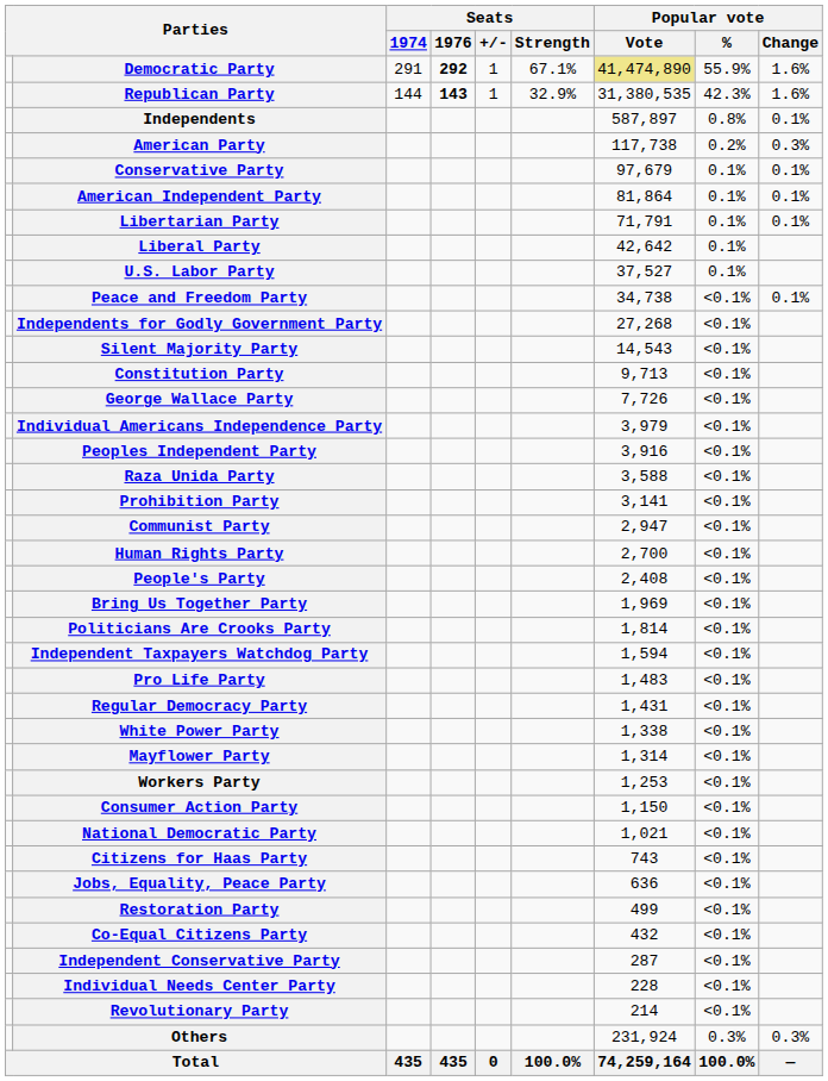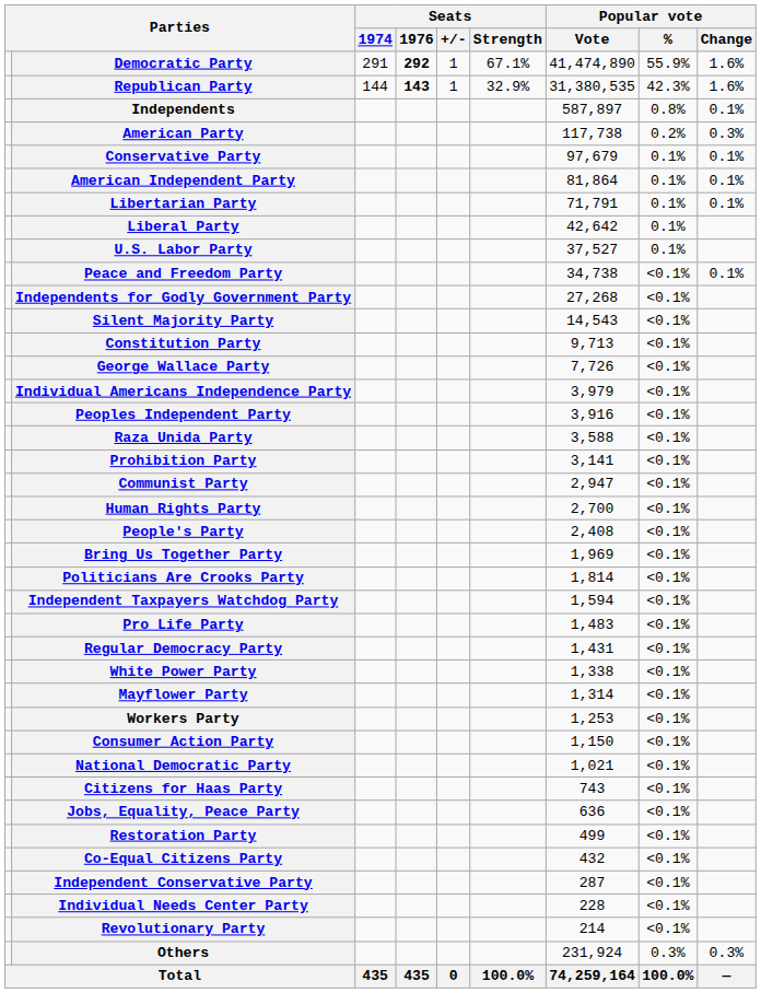 <table class=wikitable style="text-align:center">
 <tr>
 <th rowspan=2 colspan=2>Parties</th>
 <th colspan=4>Seats</th>
 <th colspan=3>Popular vote</th>
 </tr>
 <tr>
 <th><a href='#'>1974</a></th>
 <th>1976</th>
 <th>+/-</th>
 <th>Strength</th>
 <th>Vote</th>
 <th>%</th>
 <th>Change</th>
 </tr>
 <tr>
 <td></td>
 <th><a href='#'>Democratic Party</a></th>
 <td>291</td>
 <td><strong>292</strong></td>
 <td> 1</td>
 <td>67.1%</td>
-<td style="background: khaki;">41,474,890</td>
+<td>41,474,890</td>
 <td>55.9%</td>
 <td> 1.6%</td>
 </tr>
 <tr>
 <td></td>
 <th><a href='#'>Republican Party</a></th>
 <td>144</td>
 <td><strong>143</strong></td>
 <td> 1</td>
 <td>32.9%</td>
 <td>31,380,535</td>
 <td>42.3%</td>
 <td> 1.6%</td>
 </tr>
 <tr>
 <td></td>
 <th>Independents</th>
 <td></td>
 <td></td>
 <td></td>
 <td></td>
 <td>587,897</td>
 <td>0.8%</td>
 <td> 0.1%</td>
 </tr>
 <tr>
 <td></td>
 <th><a href='#'>American Party</a></th>
 <td></td>
 <td></td>
 <td></td>
 <td></td>
 <td>117,738</td>
 <td>0.2%</td>
 <td> 0.3%</td>
 </tr>
 <tr>
 <td></td>
 <th><a href='#'>Conservative Party</a></th>
 <td></td>
 <td></td>
 <td></td>
 <td></td>
 <td>97,679</td>
 <td>0.1%</td>
 <td> 0.1%</td>
 </tr>
 <tr>
 <td></td>
 <th><a href='#'>American Independent Party</a></th>
 <td></td>
 <td></td>
 <td></td>
 <td></td>
 <td>81,864</td>
 <td>0.1%</td>
 <td> 0.1%</td>
 </tr>
 <tr>
 <td></td>
 <th><a href='#'>Libertarian Party</a></th>
 <td></td>
 <td></td>
 <td></td>
 <td></td>
 <td>71,791</td>
 <td>0.1%</td>
 <td> 0.1%</td>
 </tr>
 <tr>
 <td></td>
 <th><a href='#'>Liberal Party</a></th>
 <td></td>
 <td></td>
 <td></td>
 <td></td>
 <td>42,642</td>
 <td>0.1%</td>
 <td></td>
 </tr>
 <tr>
 <td></td>
 <th><a href='#'>U.S. Labor Party</a></th>
 <td></td>
 <td></td>
 <td></td>
 <td></td>
 <td>37,527</td>
 <td>0.1%</td>
 <td></td>
 </tr>
 <tr>
 <td></td>
 <th><a href='#'>Peace and Freedom Party</a></th>
 <td></td>
 <td></td>
 <td></td>
 <td></td>
 <td>34,738</td>
 <td><0.1%</td>
 <td> 0.1%</td>
 </tr>
 <tr>
 <td></td>
 <th><a href='#'>Independents for Godly Government Party</a></th>
 <td></td>
 <td></td>
 <td></td>
 <td></td>
 <td>27,268</td>
 <td><0.1%</td>
 <td></td>
 </tr>
 <tr>
 <td></td>
 <th><a href='#'>Silent Majority Party</a></th>
 <td></td>
 <td></td>
 <td></td>
 <td></td>
 <td>14,543</td>
 <td><0.1%</td>
 <td></td>
 </tr>
 <tr>
 <td></td>
 <th><a href='#'>Constitution Party</a></th>
 <td></td>
 <td></td>
 <td></td>
 <td></td>
 <td>9,713</td>
 <td><0.1%</td>
 <td></td>
 </tr>
 <tr>
 <td></td>
 <th><a href='#'>George Wallace Party</a></th>
 <td></td>
 <td></td>
 <td></td>
 <td></td>
 <td>7,726</td>
 <td><0.1%</td>
 <td></td>
 </tr>
 <tr>
 <td></td>
 <th><a href='#'>Individual Americans Independence Party</a></th>
 <td></td>
 <td></td>
 <td></td>
 <td></td>
 <td>3,979</td>
 <td><0.1%</td>
 <td></td>
 </tr>
 <tr>
 <td></td>
 <th><a href='#'>Peoples Independent Party</a></th>
 <td></td>
 <td></td>
 <td></td>
 <td></td>
 <td>3,916</td>
 <td><0.1%</td>
 <td></td>
 </tr>
 <tr>
 <td></td>
 <th><a href='#'>Raza Unida Party</a></th>
 <td></td>
 <td></td>
 <td></td>
 <td></td>
 <td>3,588</td>
 <td><0.1%</td>
 <td></td>
 </tr>
 <tr>
 <td></td>
 <th><a href='#'>Prohibition Party</a></th>
 <td></td>
 <td></td>
 <td></td>
 <td></td>
 <td>3,141</td>
 <td><0.1%</td>
 <td></td>
 </tr>
 <tr>
 <td></td>
 <th><a href='#'>Communist Party</a></th>
 <td></td>
 <td></td>
 <td></td>
 <td></td>
 <td>2,947</td>
 <td><0.1%</td>
 <td></td>
 </tr>
 <tr>
 <td></td>
 <th><a href='#'>Human Rights Party</a></th>
 <td></td>
 <td></td>
 <td></td>
 <td></td>
 <td>2,700</td>
 <td><0.1%</td>
 <td></td>
 </tr>
 <tr>
 <td></td>
 <th><a href='#'>People's Party</a></th>
 <td></td>
 <td></td>
 <td></td>
 <td></td>
 <td>2,408</td>
 <td><0.1%</td>
 <td></td>
 </tr>
 <tr>
 <td></td>
 <th><a href='#'>Bring Us Together Party</a></th>
 <td></td>
 <td></td>
 <td></td>
 <td></td>
 <td>1,969</td>
 <td><0.1%</td>
 <td></td>
 </tr>
 <tr>
 <td></td>
 <th><a href='#'>Politicians Are Crooks Party</a></th>
 <td></td>
 <td></td>
 <td></td>
 <td></td>
 <td>1,814</td>
 <td><0.1%</td>
 <td></td>
 </tr>
 <tr>
 <td></td>
 <th><a href='#'>Independent Taxpayers Watchdog Party</a></th>
 <td></td>
 <td></td>
 <td></td>
 <td></td>
 <td>1,594</td>
 <td><0.1%</td>
 <td></td>
 </tr>
 <tr>
 <td></td>
 <th><a href='#'>Pro Life Party</a></th>
 <td></td>
 <td></td>
 <td></td>
 <td></td>
 <td>1,483</td>
 <td><0.1%</td>
 <td></td>
 </tr>
 <tr>
 <td></td>
 <th><a href='#'>Regular Democracy Party</a></th>
 <td></td>
 <td></td>
 <td></td>
 <td></td>
 <td>1,431</td>
 <td><0.1%</td>
 <td></td>
 </tr>
 <tr>
 <td></td>
 <th><a href='#'>White Power Party</a></th>
 <td></td>
 <td></td>
 <td></td>
 <td></td>
 <td>1,338</td>
 <td><0.1%</td>
 <td></td>
 </tr>
 <tr>
 <td></td>
 <th><a href='#'>Mayflower Party</a></th>
 <td></td>
 <td></td>
 <td></td>
 <td></td>
 <td>1,314</td>
 <td><0.1%</td>
 <td></td>
 </tr>
 <tr>
 <td></td>
 <th>Workers Party</th>
 <td></td>
 <td></td>
 <td></td>
 <td></td>
 <td>1,253</td>
 <td><0.1%</td>
 <td></td>
 </tr>
 <tr>
 <td></td>
 <th><a href='#'>Consumer Action Party</a></th>
 <td></td>
 <td></td>
 <td></td>
 <td></td>
 <td>1,150</td>
 <td><0.1%</td>
 <td></td>
 </tr>
 <tr>
 <td></td>
 <th><a href='#'>National Democratic Party</a></th>
 <td></td>
 <td></td>
 <td></td>
 <td></td>
 <td>1,021</td>
 <td><0.1%</td>
 <td></td>
 </tr>
 <tr>
 <td></td>
 <th><a href='#'>Citizens for Haas Party</a></th>
 <td></td>
 <td></td>
 <td></td>
 <td></td>
 <td>743</td>
 <td><0.1%</td>
 <td></td>
 </tr>
 <tr>
 <td></td>
 <th><a href='#'>Jobs, Equality, Peace Party</a></th>
 <td></td>
 <td></td>
 <td></td>
 <td></td>
 <td>636</td>
 <td><0.1%</td>
 <td></td>
 </tr>
 <tr>
 <td></td>
 <th><a href='#'>Restoration Party</a></th>
 <td></td>
 <td></td>
 <td></td>
 <td></td>
 <td>499</td>
 <td><0.1%</td>
 <td></td>
 </tr>
 <tr>
 <td></td>
 <th><a href='#'>Co-Equal Citizens Party</a></th>
 <td></td>
 <td></td>
 <td></td>
 <td></td>
 <td>432</td>
 <td><0.1%</td>
 <td></td>
 </tr>
 <tr>
 <td></td>
 <th><a href='#'>Independent Conservative Party</a></th>
 <td></td>
 <td></td>
 <td></td>
 <td></td>
 <td>287</td>
 <td><0.1%</td>
 <td></td>
 </tr>
 <tr>
 <td></td>
 <th><a href='#'>Individual Needs Center Party</a></th>
 <td></td>
 <td></td>
 <td></td>
 <td></td>
 <td>228</td>
 <td><0.1%</td>
 <td></td>
 </tr>
 <tr>
 <td></td>
 <th><a href='#'>Revolutionary Party</a></th>
 <td></td>
 <td></td>
 <td></td>
 <td></td>
 <td>214</td>
 <td><0.1%</td>
 <td></td>
 </tr>
 <tr>
 <td></td>
 <th>Others</th>
 <td></td>
 <td></td>
 <td></td>
 <td></td>
 <td>231,924</td>
 <td>0.3%</td>
 <td> 0.3%</td>
 </tr>
 <tr>
 <th colspan=2>Total</th>
 <th>435</th>
 <th>435</th>
 <th>0</th>
 <th>100.0%</th>
 <th>74,259,164</th>
 <th>100.0%</th>
 <th>—</th>
 </tr>
 </table>
